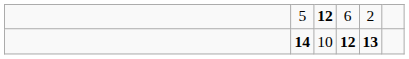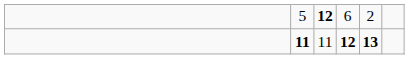 <table class="wikitable">
 <tr>
 <td style="width:18em"></td>
 <td align=center style="width:1em">5</td>
 <td align=center style="width:1em"><strong>12</strong></td>
 <td align=center style="width:1em">6</td>
 <td align=center style="width:1em">2</td>
 <td align=center style="width:1em"></td>
 </tr>
 <tr>
 <td style="width:18em"><strong></strong></td>
-<td align=center style="width:1em"><strong>14</strong></td>
-<td align=center style="width:1em">10</td>
+<td align=center style="width:1em"><strong>11</strong></td>
+<td align=center style="width:1em">11</td>
 <td align=center style="width:1em"><strong>12</strong></td>
 <td align=center style="width:1em"><strong>13</strong></td>
 <td align=center style="width:1em"></td>
 </tr>
 </table>
